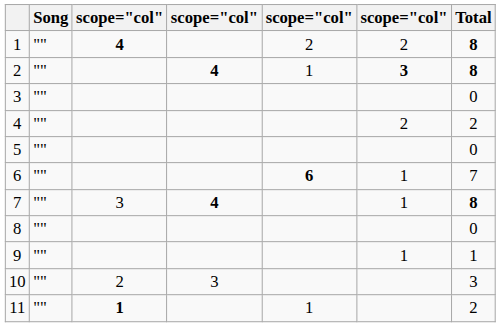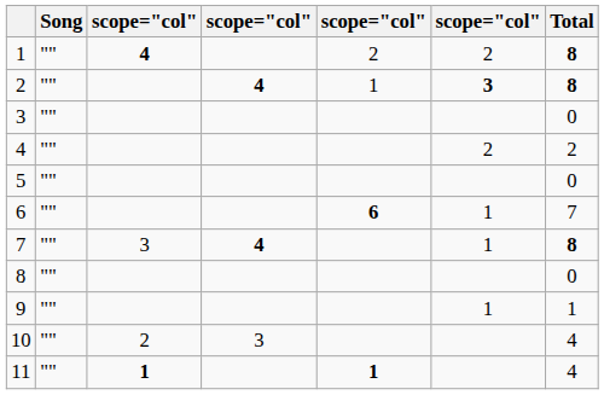 <table class="wikitable" style="margin: 1em auto 1em auto; text-align:center">
 <tr>
 <th></th>
 <th>Song</th>
 <th>scope="col" </th>
 <th>scope="col" </th>
 <th>scope="col" </th>
 <th>scope="col" </th>
 <th>Total</th>
 </tr>
 <tr>
 <td>1</td>
 <td style="text-align:left;">""</td>
 <td><strong>4</strong></td>
 <td></td>
 <td>2</td>
 <td>2</td>
 <td><strong>8</strong></td>
 </tr>
 <tr>
 <td>2</td>
 <td style="text-align:left;">""</td>
 <td></td>
 <td><strong>4</strong></td>
 <td>1</td>
 <td><strong>3</strong></td>
 <td><strong>8</strong></td>
 </tr>
 <tr>
 <td>3</td>
 <td style="text-align:left;">""</td>
 <td></td>
 <td></td>
 <td></td>
 <td></td>
 <td>0</td>
 </tr>
 <tr>
 <td>4</td>
 <td style="text-align:left;">""</td>
 <td></td>
 <td></td>
 <td></td>
 <td>2</td>
 <td>2</td>
 </tr>
 <tr>
 <td>5</td>
 <td style="text-align:left;">""</td>
 <td></td>
 <td></td>
 <td></td>
 <td></td>
 <td>0</td>
 </tr>
 <tr>
 <td>6</td>
 <td style="text-align:left;">""</td>
 <td></td>
 <td></td>
 <td><strong>6</strong></td>
 <td>1</td>
 <td>7</td>
 </tr>
 <tr>
 <td>7</td>
 <td style="text-align:left;">""</td>
 <td>3</td>
 <td><strong>4</strong></td>
 <td></td>
 <td>1</td>
 <td><strong>8</strong></td>
 </tr>
 <tr>
 <td>8</td>
 <td style="text-align:left;">""</td>
 <td></td>
 <td></td>
 <td></td>
 <td></td>
 <td>0</td>
 </tr>
 <tr>
 <td>9</td>
 <td style="text-align:left;">""</td>
 <td></td>
 <td></td>
 <td></td>
 <td>1</td>
 <td>1</td>
 </tr>
 <tr>
 <td>10</td>
 <td style="text-align:left;">""</td>
 <td>2</td>
 <td>3</td>
 <td></td>
 <td></td>
-<td>3</td>
+<td>4</td>
 </tr>
 <tr>
 <td>11</td>
 <td style="text-align:left;">""</td>
 <td><strong>1</strong></td>
 <td></td>
-<td>1</td>
+<td><strong>1</strong></td>
 <td></td>
-<td>2</td>
+<td>4</td>
 </tr>
 </table>
